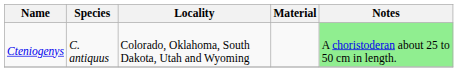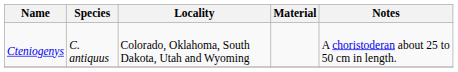 <table class="wikitable" align="center" width="100%">
 <tr>
 <th>Name</th>
 <th>Species</th>
 <th>Locality</th>
 <th>Material</th>
 <th>Notes</th>
 </tr>
 <tr>
 <td><br><em><a href='#'>Cteniogenys</a></em></td>
 <td><br><em>C. antiquus</em></td>
 <td><br>Colorado, Oklahoma, South Dakota, Utah and Wyoming</td>
 <td></td>
-<td style="background: lightgreen;"><br>A <a href='#'>choristoderan</a> about 25 to 50 cm in length.</td>
+<td><br>A <a href='#'>choristoderan</a> about 25 to 50 cm in length.</td>
 </tr>
 <tr>
 </tr>
 </table>
